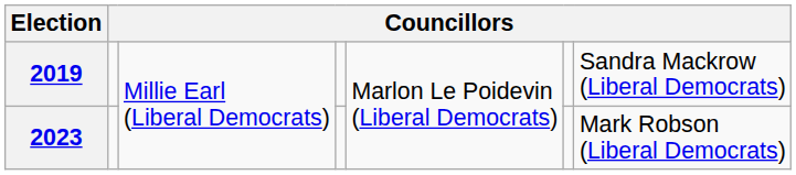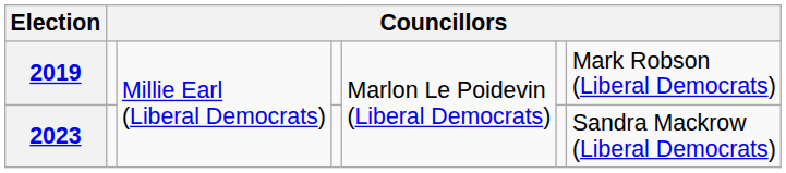 <table class="wikitable">
 <tr>
 <th>Election</th>
 <th colspan="6">Councillors</th>
 </tr>
 <tr>
 <th><a href='#'>2019</a></th>
 <td style="background-color: "></td>
 <td rowspan="2"><a href='#'>Millie Earl</a><br>(<a href='#'>Liberal Democrats</a>)</td>
 <td style="background-color: "></td>
 <td rowspan="2">Marlon Le Poidevin<br>(<a href='#'>Liberal Democrats</a>)</td>
 <td rowspan="1;" style="background-color: "></td>
-<td rowspan="1">Sandra Mackrow<br>(<a href='#'>Liberal Democrats</a>)</td>
+<td rowspan="1">Mark Robson<br>(<a href='#'>Liberal Democrats</a>)</td>
 </tr>
 <tr>
 <th><a href='#'>2023</a></th>
 <td style="background-color: "></td>
 <td style="background-color: "></td>
 <td rowspan="1;" style="background-color: "></td>
-<td rowspan="1">Mark Robson<br>(<a href='#'>Liberal Democrats</a>)</td>
+<td rowspan="1">Sandra Mackrow<br>(<a href='#'>Liberal Democrats</a>)</td>
 </tr>
 </table>
